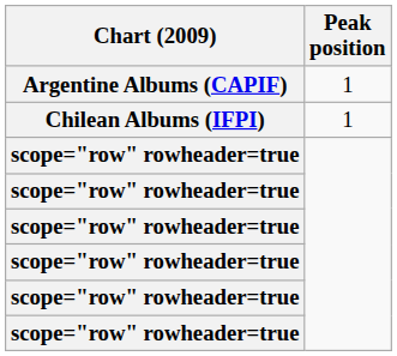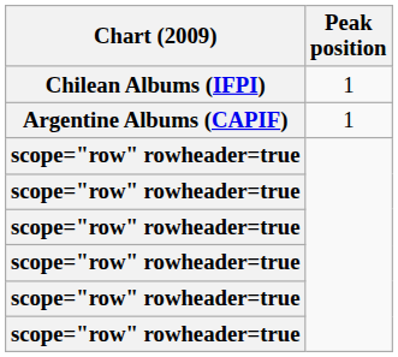 <table class="wikitable sortable plainrowheaders">
 <tr>
 <th>Chart (2009)</th>
 <th>Peak<br>position</th>
 </tr>
 <tr>
-<th scope="row">Argentine Albums (<a href='#'>CAPIF</a>)</th>
+<th scope="row">Chilean Albums (<a href='#'>IFPI</a>)</th>
 <td style="text-align:center;">1</td>
 </tr>
 <tr>
-<th scope="row">Chilean Albums (<a href='#'>IFPI</a>)</th>
+<th scope="row">Argentine Albums (<a href='#'>CAPIF</a>)</th>
 <td style="text-align:center;">1</td>
 </tr>
 <tr>
 <th>scope="row" rowheader=true</th>
 </tr>
 <tr>
 <th>scope="row" rowheader=true</th>
 </tr>
 <tr>
 <th>scope="row" rowheader=true</th>
 </tr>
 <tr>
 <th>scope="row" rowheader=true</th>
 </tr>
 <tr>
 <th>scope="row" rowheader=true</th>
 </tr>
 <tr>
 <th>scope="row" rowheader=true</th>
 </tr>
 </table>
